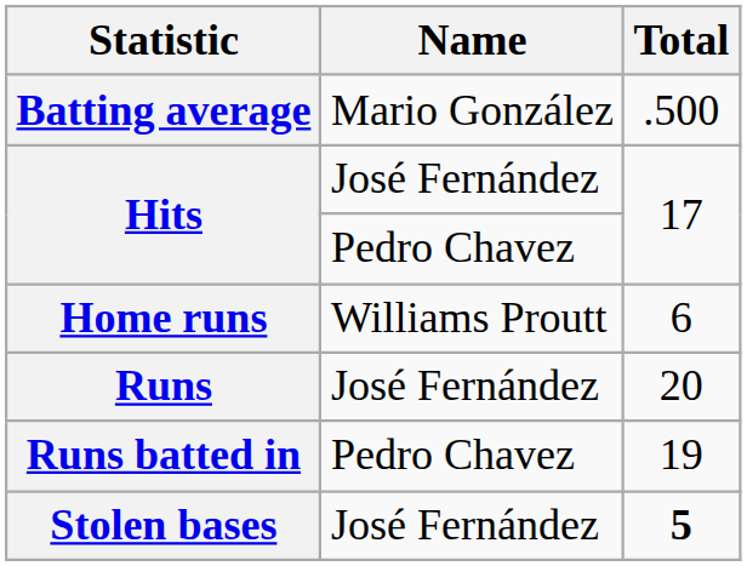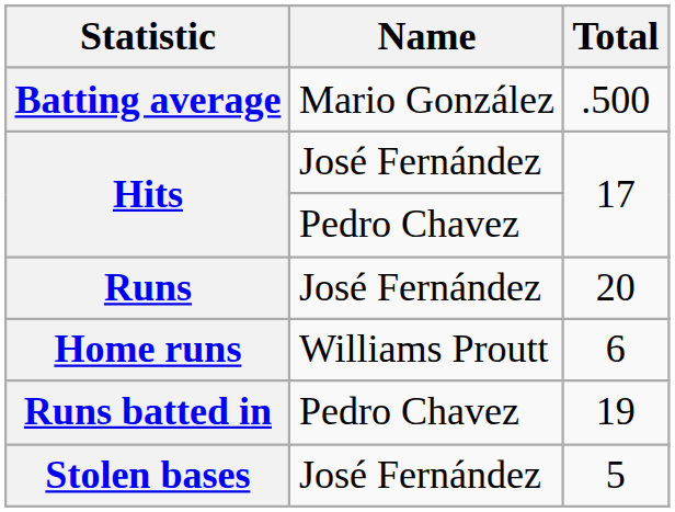 <table class="wikitable plainrowheaders">
 <tr>
 <th scope="col">Statistic</th>
 <th scope="col">Name</th>
 <th scope="col">Total</th>
 </tr>
 <tr>
 <th scope="row"><a href='#'>Batting average</a></th>
 <td> Mario González</td>
 <td align=center>.500</td>
 </tr>
 <tr>
 <th scope="row" rowspan="2"><a href='#'>Hits</a></th>
 <td> José Fernández</td>
 <td align=center rowspan=2>17</td>
 </tr>
 <tr>
 <td> Pedro Chavez</td>
 </tr>
 <tr>
+<th scope="row"><a href='#'>Runs</a></th>
+<td> José Fernández</td>
+<td align=center>20</td>
+</tr>
+<tr>
 <th scope="row"><a href='#'>Home runs</a></th>
 <td> Williams Proutt</td>
 <td align=center>6</td>
-</tr>
-<tr>
-<th scope="row"><a href='#'>Runs</a></th>
-<td> José Fernández</td>
-<td align=center>20</td>
 </tr>
 <tr>
 <th scope="row"><a href='#'>Runs batted in</a></th>
 <td> Pedro Chavez</td>
 <td align=center>19</td>
 </tr>
 <tr>
 <th scope="row"><a href='#'>Stolen bases</a></th>
 <td> José Fernández</td>
-<td align=center><strong>5</strong></td>
+<td align=center>5</td>
 </tr>
 </table>
